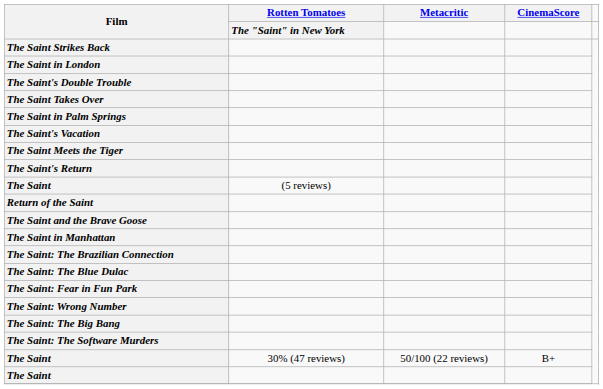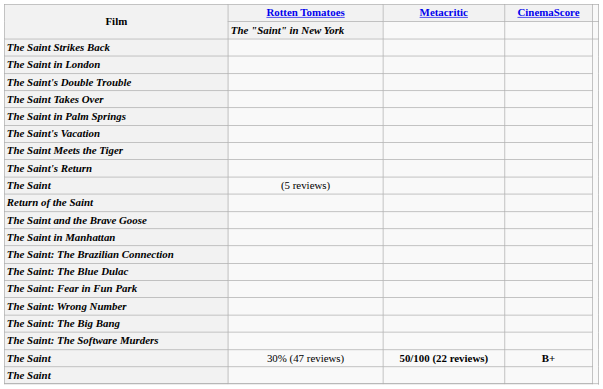 <table class="wikitable sortable" width=99% border="1" style="text-align: center;">
 <tr>
 <th rowspan="2">Film</th>
 <th><a href='#'>Rotten Tomatoes</a></th>
 <th><a href='#'>Metacritic</a></th>
 <th><a href='#'>CinemaScore</a></th>
 </tr>
 <tr>
 <th style="text-align: left;"><em>The "Saint" in New York</em></th>
 <td></td>
 <td></td>
 <td></td>
 </tr>
 <tr>
 <th style="text-align: left;"><em>The Saint Strikes Back</em></th>
 <td></td>
 <td></td>
 <td></td>
 </tr>
 <tr>
 <th style="text-align: left;"><em>The Saint in London</em></th>
 <td></td>
 <td></td>
 <td></td>
 </tr>
 <tr>
 <th style="text-align: left;"><em>The Saint's Double Trouble</em></th>
 <td></td>
 <td></td>
 <td></td>
 </tr>
 <tr>
 <th style="text-align: left;"><em>The Saint Takes Over</em></th>
 <td></td>
 <td></td>
 <td></td>
 </tr>
 <tr>
 <th style="text-align: left;"><em>The Saint in Palm Springs</em></th>
 <td></td>
 <td></td>
 <td></td>
 </tr>
 <tr>
 <th style="text-align: left;"><em>The Saint's Vacation</em></th>
 <td></td>
 <td></td>
 <td></td>
 </tr>
 <tr>
 <th style="text-align: left;"><em>The Saint Meets the Tiger</em></th>
 <td></td>
 <td></td>
 <td></td>
 </tr>
 <tr>
 <th style="text-align: left;"><em>The Saint's Return</em></th>
 <td></td>
 <td></td>
 <td></td>
 </tr>
 <tr>
 <th style="text-align: left;"><em>The Saint</em> </th>
 <td> (5 reviews)</td>
 <td></td>
 <td></td>
 </tr>
 <tr>
 <th style="text-align: left;"><em>Return of the Saint</em> </th>
 <td></td>
 <td></td>
 <td></td>
 </tr>
 <tr>
 <th style="text-align: left;"><em>The Saint and the Brave Goose</em></th>
 <td></td>
 <td></td>
 <td></td>
 </tr>
 <tr>
 <th style="text-align: left;"><em>The Saint in Manhattan</em></th>
 <td></td>
 <td></td>
 <td></td>
 </tr>
 <tr>
 <th style="text-align: left;"><em>The Saint: The Brazilian Connection</em></th>
 <td></td>
 <td></td>
 <td></td>
 </tr>
 <tr>
 <th style="text-align: left;"><em>The Saint: The Blue Dulac</em></th>
 <td></td>
 <td></td>
 <td></td>
 </tr>
 <tr>
 <th style="text-align: left;"><em>The Saint: Fear in Fun Park</em></th>
 <td></td>
 <td></td>
 <td></td>
 </tr>
 <tr>
 <th style="text-align: left;"><em>The Saint: Wrong Number</em></th>
 <td></td>
 <td></td>
 <td></td>
 </tr>
 <tr>
 <th style="text-align: left;"><em>The Saint: The Big Bang</em></th>
 <td></td>
 <td></td>
 <td></td>
 </tr>
 <tr>
 <th style="text-align: left;"><em>The Saint: The Software Murders</em></th>
 <td></td>
 <td></td>
 <td></td>
 </tr>
 <tr>
 <th style="text-align: left;"><em>The Saint</em> </th>
 <td>30% (47 reviews)</td>
-<td>50/100 (22 reviews)</td>
-<td>B+</td>
+<td><strong>50/100 (22 reviews)</strong></td>
+<td><strong>B+</strong></td>
 </tr>
 <tr>
 <th style="text-align: left;"><em>The Saint</em> </th>
 <td></td>
 <td></td>
 <td></td>
 </tr>
 <tr>
 </tr>
 </table>
